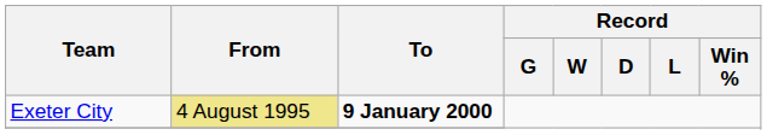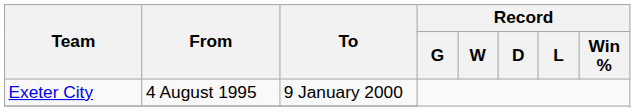 <table class="wikitable" style="text-align: center">
 <tr>
 <th rowspan=2 width=120>Team</th>
 <th rowspan=2 width=120>From</th>
 <th rowspan=2 width=120>To</th>
 <th colspan=5>Record</th>
 </tr>
 <tr>
 <th width=30>G</th>
 <th width=30>W</th>
 <th width=30>D</th>
 <th width=30>L</th>
 <th width=40>Win %</th>
 </tr>
 <tr>
 <td align=left><a href='#'>Exeter City</a></td>
-<td align=left style="background: khaki;">4 August 1995</td>
-<td align=left><strong>9 January 2000<br></strong></td>
+<td align=left>4 August 1995</td>
+<td align=left>9 January 2000<br></td>
 </tr>
 <tr>
 </tr>
 </table>
